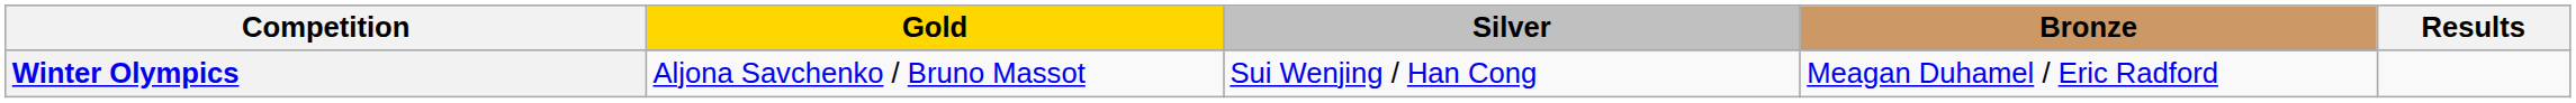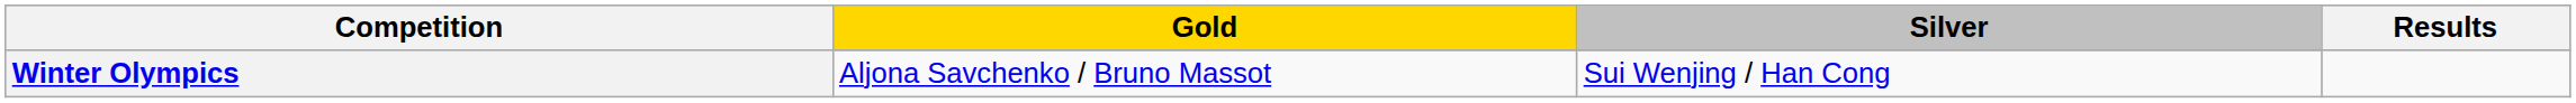 <table class="wikitable unsortable" style="text-align:left; width:90%">
 <tr>
 <th scope="col" style="text-align:center; width:25%;">Competition</th>
 <td scope="col" style="text-align:center; width:22.5%; background:gold"><strong>Gold</strong></td>
 <td scope="col" style="text-align:center; width:22.5%; background:silver"><strong>Silver</strong></td>
-<td scope="col" style="text-align:center; width:22.5%; background:#c96"><strong>Bronze</strong></td>
 <th scope="col" style="text-align:center; width:7.5%;">Results</th>
 </tr>
 <tr>
 <th scope="row" style="text-align:left"> <a href='#'>Winter Olympics</a></th>
 <td> <a href='#'>Aljona Savchenko</a> / <a href='#'>Bruno Massot</a></td>
 <td> <a href='#'>Sui Wenjing</a> / <a href='#'>Han Cong</a></td>
-<td> <a href='#'>Meagan Duhamel</a> / <a href='#'>Eric Radford</a></td>
 <td></td>
 </tr>
 </table>
